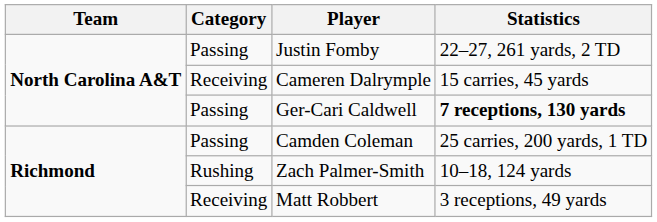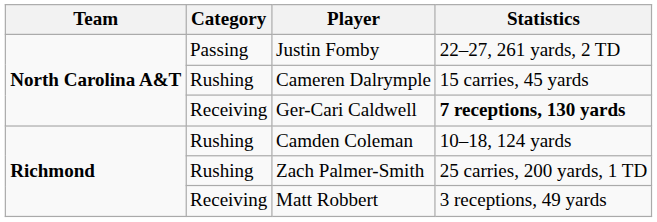 <table class="wikitable" style="float: right;">
 <tr>
 <th>Team</th>
 <th>Category</th>
 <th>Player</th>
 <th>Statistics</th>
 </tr>
 <tr>
 <td rowspan=3><strong>North Carolina A&T</strong></td>
 <td>Passing</td>
 <td>Justin Fomby</td>
 <td>22–27, 261 yards, 2 TD</td>
 </tr>
 <tr>
-<td>Receiving</td>
+<td>Rushing</td>
 <td>Cameren Dalrymple</td>
 <td>15 carries, 45 yards</td>
 </tr>
 <tr>
-<td>Passing</td>
+<td>Receiving</td>
 <td>Ger-Cari Caldwell</td>
 <td><strong>7 receptions, 130 yards</strong></td>
 </tr>
 <tr>
 <td rowspan=3><strong>Richmond</strong></td>
-<td>Passing</td>
+<td>Rushing</td>
 <td>Camden Coleman</td>
-<td>25 carries, 200 yards, 1 TD</td>
+<td>10–18, 124 yards</td>
 </tr>
 <tr>
 <td>Rushing</td>
 <td>Zach Palmer-Smith</td>
-<td>10–18, 124 yards</td>
+<td>25 carries, 200 yards, 1 TD</td>
 </tr>
 <tr>
 <td>Receiving</td>
 <td>Matt Robbert</td>
 <td>3 receptions, 49 yards</td>
 </tr>
 </table>
